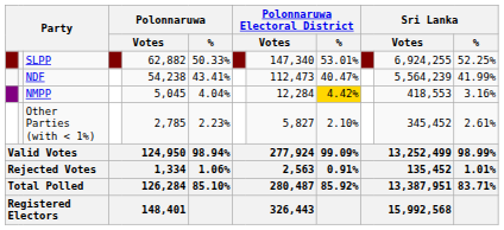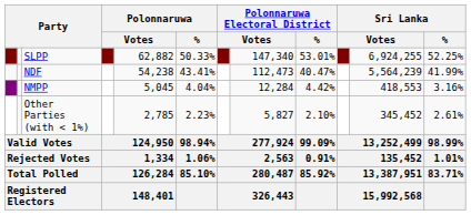 <table class="wikitable">
 <tr>
 <th colspan="3" width="144px"rowspan="2">Party</th>
 <th colspan="3" width="216px">Polonnaruwa</th>
 <th colspan="3" width="216px"><a href='#'>Polonnaruwa Electoral District</a></th>
 <th colspan="3" width="216px">Sri Lanka</th>
 </tr>
 <tr>
 <th colspan="2" width="144px">Votes</th>
 <th>%</th>
 <th colspan="2" width="144px">Votes</th>
 <th>%</th>
 <th colspan="2" width="144px">Votes</th>
 <th>%</th>
 </tr>
 <tr>
 <td style="background-color:Maroon;" width="10px"></td>
 <td></td>
 <td style="text-align:left;"><a href='#'>SLPP</a></td>
 <td style="background-color:Maroon;" width="10px"></td>
 <td style="text-align:right;">62,882</td>
 <td style="text-align:right;">50.33%</td>
 <td style="background-color:Maroon;" width="10px"></td>
 <td style="text-align:right;">147,340</td>
 <td style="text-align:right;">53.01%</td>
 <td style="background-color:Maroon;" width="10px"></td>
 <td style="text-align:right;">6,924,255</td>
 <td style="text-align:right;">52.25%</td>
 </tr>
 <tr>
 <td style="background-color:"></td>
 <td></td>
 <td style="text-align:left;"><a href='#'>NDF</a></td>
 <td style="background-color:white;" width="10px"></td>
 <td style="text-align:right;">54,238</td>
 <td style="text-align:right;">43.41%</td>
 <td style="background-color:white;" width="10px"></td>
 <td style="text-align:right;">112,473</td>
 <td style="text-align:right;">40.47%</td>
 <td style="background-color:white;" width="10px"></td>
 <td style="text-align:right;">5,564,239</td>
 <td style="text-align:right;">41.99%</td>
 </tr>
 <tr>
 <td style="background-color:purple;" width="10px"></td>
 <td></td>
 <td style="text-align:left;"><a href='#'>NMPP</a></td>
 <td style="background-color:white;" width="10px"></td>
 <td style="text-align:right;">5,045</td>
 <td style="text-align:right;">4.04%</td>
 <td style="background-color:white;" width="10px"></td>
 <td style="text-align:right;">12,284</td>
-<td style="background: gold; text-align:right;">4.42%</td>
+<td style="text-align:right;">4.42%</td>
 <td style="background-color:white;" width="10px"></td>
 <td style="text-align:right;">418,553</td>
 <td style="text-align:right;">3.16%</td>
 </tr>
 <tr>
 <td style="background-color:white;" width="10px"></td>
 <td></td>
 <td style="text-align:left;">Other Parties (with < 1%)</td>
 <td style="background-color:white;" width="10px"></td>
 <td style="text-align:right;">2,785</td>
 <td style="text-align:right;">2.23%</td>
 <td style="background-color:white;" width="10px"></td>
 <td style="text-align:right;">5,827</td>
 <td style="text-align:right;">2.10%</td>
 <td style="background-color:white;" width="10px"></td>
 <td style="text-align:right;">345,452</td>
 <td style="text-align:right;">2.61%</td>
 </tr>
 <tr>
 <th colspan="3" width="144px"style="text-align:left;">Valid Votes</th>
 <th style="text-align:right;"colspan="2" width="144px">124,950</th>
 <th style="text-align:right;">98.94%</th>
 <th style="text-align:right;"colspan="2" width="144px">277,924</th>
 <th style="text-align:right;">99.09%</th>
 <th style="text-align:right;"colspan="2" width="144px">13,252,499</th>
 <th style="text-align:right;">98.99%</th>
 </tr>
 <tr>
 <th colspan="3" width="144px"style="text-align:left;">Rejected Votes</th>
 <th style="text-align:right;"colspan="2" width="144px">1,334</th>
 <th style="text-align:right;">1.06%</th>
 <th style="text-align:right;"colspan="2" width="144px">2,563</th>
 <th style="text-align:right;">0.91%</th>
 <th style="text-align:right;"colspan="2" width="144px">135,452</th>
 <th style="text-align:right;">1.01%</th>
 </tr>
 <tr>
 <th colspan="3" width="144px"style="text-align:left;">Total Polled</th>
 <th style="text-align:right;"colspan="2" width="144px">126,284</th>
 <th style="text-align:right;">85.10%</th>
 <th style="text-align:right;"colspan="2" width="144px">280,487</th>
 <th style="text-align:right;">85.92%</th>
 <th style="text-align:right;"colspan="2" width="144px">13,387,951</th>
 <th style="text-align:right;">83.71%</th>
 </tr>
 <tr>
 <th colspan="3" width="144px"style="text-align:left;">Registered Electors</th>
 <th style="text-align:right;"colspan="2" width="144px">148,401</th>
 <th></th>
 <th style="text-align:right;"colspan="2" width="144px">326,443</th>
 <th></th>
 <th style="text-align:right;"colspan="2" width="144px">15,992,568</th>
 <th></th>
 </tr>
 </table>
